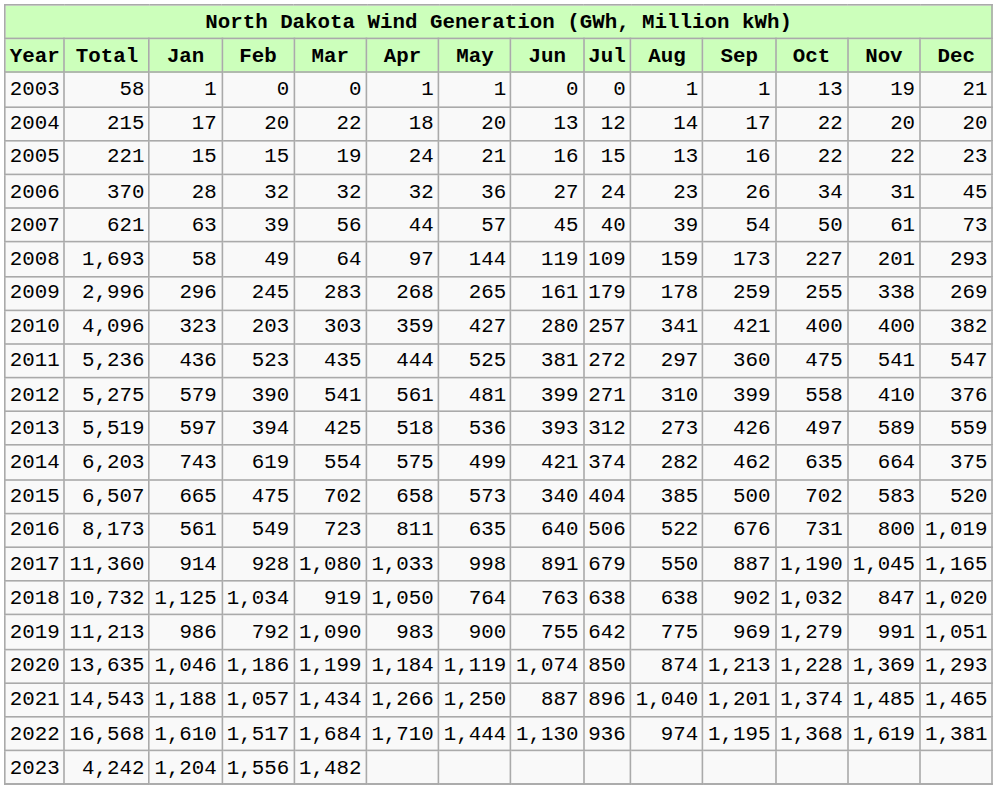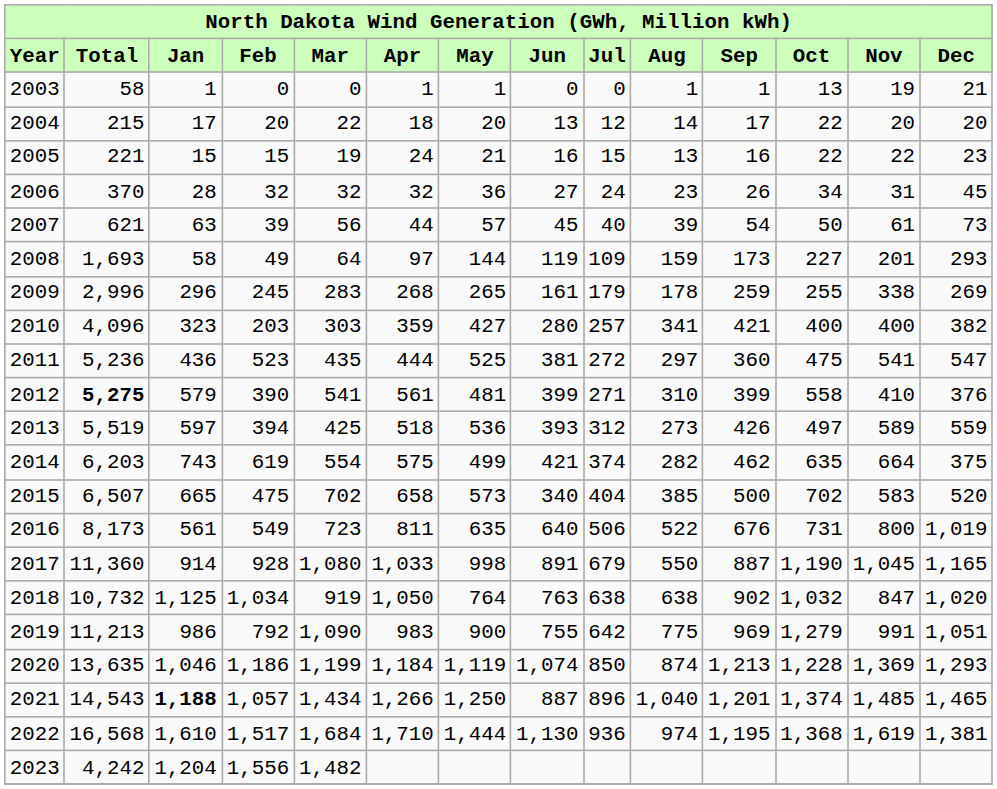 <table class="wikitable" style="text-align:right;">
 <tr>
 <th colspan="14" style="background:#cfb;">North Dakota Wind Generation (GWh, Million kWh)</th>
 </tr>
 <tr>
 <th style="background:#cfb;">Year</th>
 <th style="background:#cfb;">Total</th>
 <th style="background:#cfb;">Jan</th>
 <th style="background:#cfb;">Feb</th>
 <th style="background:#cfb;">Mar</th>
 <th style="background:#cfb;">Apr</th>
 <th style="background:#cfb;">May</th>
 <th style="background:#cfb;">Jun</th>
 <th style="background:#cfb;">Jul</th>
 <th style="background:#cfb;">Aug</th>
 <th style="background:#cfb;">Sep</th>
 <th style="background:#cfb;">Oct</th>
 <th style="background:#cfb;">Nov</th>
 <th style="background:#cfb;">Dec</th>
 </tr>
 <tr>
 <td>2003</td>
 <td>58</td>
 <td>1</td>
 <td>0</td>
 <td>0</td>
 <td>1</td>
 <td>1</td>
 <td>0</td>
 <td>0</td>
 <td>1</td>
 <td>1</td>
 <td>13</td>
 <td>19</td>
 <td>21</td>
 </tr>
 <tr>
 <td>2004</td>
 <td>215</td>
 <td>17</td>
 <td>20</td>
 <td>22</td>
 <td>18</td>
 <td>20</td>
 <td>13</td>
 <td>12</td>
 <td>14</td>
 <td>17</td>
 <td>22</td>
 <td>20</td>
 <td>20</td>
 </tr>
 <tr>
 <td>2005</td>
 <td>221</td>
 <td>15</td>
 <td>15</td>
 <td>19</td>
 <td>24</td>
 <td>21</td>
 <td>16</td>
 <td>15</td>
 <td>13</td>
 <td>16</td>
 <td>22</td>
 <td>22</td>
 <td>23</td>
 </tr>
 <tr>
 <td>2006</td>
 <td>370</td>
 <td>28</td>
 <td>32</td>
 <td>32</td>
 <td>32</td>
 <td>36</td>
 <td>27</td>
 <td>24</td>
 <td>23</td>
 <td>26</td>
 <td>34</td>
 <td>31</td>
 <td>45</td>
 </tr>
 <tr>
 <td>2007</td>
 <td>621</td>
 <td>63</td>
 <td>39</td>
 <td>56</td>
 <td>44</td>
 <td>57</td>
 <td>45</td>
 <td>40</td>
 <td>39</td>
 <td>54</td>
 <td>50</td>
 <td>61</td>
 <td>73</td>
 </tr>
 <tr>
 <td>2008</td>
 <td>1,693</td>
 <td>58</td>
 <td>49</td>
 <td>64</td>
 <td>97</td>
 <td>144</td>
 <td>119</td>
 <td>109</td>
 <td>159</td>
 <td>173</td>
 <td>227</td>
 <td>201</td>
 <td>293</td>
 </tr>
 <tr>
 <td>2009</td>
 <td>2,996</td>
 <td>296</td>
 <td>245</td>
 <td>283</td>
 <td>268</td>
 <td>265</td>
 <td>161</td>
 <td>179</td>
 <td>178</td>
 <td>259</td>
 <td>255</td>
 <td>338</td>
 <td>269</td>
 </tr>
 <tr>
 <td>2010</td>
 <td>4,096</td>
 <td>323</td>
 <td>203</td>
 <td>303</td>
 <td>359</td>
 <td>427</td>
 <td>280</td>
 <td>257</td>
 <td>341</td>
 <td>421</td>
 <td>400</td>
 <td>400</td>
 <td>382</td>
 </tr>
 <tr>
 <td>2011</td>
 <td>5,236</td>
 <td>436</td>
 <td>523</td>
 <td>435</td>
 <td>444</td>
 <td>525</td>
 <td>381</td>
 <td>272</td>
 <td>297</td>
 <td>360</td>
 <td>475</td>
 <td>541</td>
 <td>547</td>
 </tr>
 <tr>
 <td>2012</td>
-<td>5,275</td>
+<td><strong>5,275</strong></td>
 <td>579</td>
 <td>390</td>
 <td>541</td>
 <td>561</td>
 <td>481</td>
 <td>399</td>
 <td>271</td>
 <td>310</td>
 <td>399</td>
 <td>558</td>
 <td>410</td>
 <td>376</td>
 </tr>
 <tr>
 <td>2013</td>
 <td>5,519</td>
 <td>597</td>
 <td>394</td>
 <td>425</td>
 <td>518</td>
 <td>536</td>
 <td>393</td>
 <td>312</td>
 <td>273</td>
 <td>426</td>
 <td>497</td>
 <td>589</td>
 <td>559</td>
 </tr>
 <tr>
 <td>2014</td>
 <td>6,203</td>
 <td>743</td>
 <td>619</td>
 <td>554</td>
 <td>575</td>
 <td>499</td>
 <td>421</td>
 <td>374</td>
 <td>282</td>
 <td>462</td>
 <td>635</td>
 <td>664</td>
 <td>375</td>
 </tr>
 <tr>
 <td>2015</td>
 <td>6,507</td>
 <td>665</td>
 <td>475</td>
 <td>702</td>
 <td>658</td>
 <td>573</td>
 <td>340</td>
 <td>404</td>
 <td>385</td>
 <td>500</td>
 <td>702</td>
 <td>583</td>
 <td>520</td>
 </tr>
 <tr>
 <td>2016</td>
 <td>8,173</td>
 <td>561</td>
 <td>549</td>
 <td>723</td>
 <td>811</td>
 <td>635</td>
 <td>640</td>
 <td>506</td>
 <td>522</td>
 <td>676</td>
 <td>731</td>
 <td>800</td>
 <td>1,019</td>
 </tr>
 <tr>
 <td>2017</td>
 <td>11,360</td>
 <td>914</td>
 <td>928</td>
 <td>1,080</td>
 <td>1,033</td>
 <td>998</td>
 <td>891</td>
 <td>679</td>
 <td>550</td>
 <td>887</td>
 <td>1,190</td>
 <td>1,045</td>
 <td>1,165</td>
 </tr>
 <tr>
 <td>2018</td>
 <td>10,732</td>
 <td>1,125</td>
 <td>1,034</td>
 <td>919</td>
 <td>1,050</td>
 <td>764</td>
 <td>763</td>
 <td>638</td>
 <td>638</td>
 <td>902</td>
 <td>1,032</td>
 <td>847</td>
 <td>1,020</td>
 </tr>
 <tr>
 <td>2019</td>
 <td>11,213</td>
 <td>986</td>
 <td>792</td>
 <td>1,090</td>
 <td>983</td>
 <td>900</td>
 <td>755</td>
 <td>642</td>
 <td>775</td>
 <td>969</td>
 <td>1,279</td>
 <td>991</td>
 <td>1,051</td>
 </tr>
 <tr>
 <td>2020</td>
 <td>13,635</td>
 <td>1,046</td>
 <td>1,186</td>
 <td>1,199</td>
 <td>1,184</td>
 <td>1,119</td>
 <td>1,074</td>
 <td>850</td>
 <td>874</td>
 <td>1,213</td>
 <td>1,228</td>
 <td>1,369</td>
 <td>1,293</td>
 </tr>
 <tr>
 <td>2021</td>
 <td>14,543</td>
-<td>1,188</td>
+<td><strong>1,188</strong></td>
 <td>1,057</td>
 <td>1,434</td>
 <td>1,266</td>
 <td>1,250</td>
 <td>887</td>
 <td>896</td>
 <td>1,040</td>
 <td>1,201</td>
 <td>1,374</td>
 <td>1,485</td>
 <td>1,465</td>
 </tr>
 <tr>
 <td>2022</td>
 <td>16,568</td>
 <td>1,610</td>
 <td>1,517</td>
 <td>1,684</td>
 <td>1,710</td>
 <td>1,444</td>
 <td>1,130</td>
 <td>936</td>
 <td>974</td>
 <td>1,195</td>
 <td>1,368</td>
 <td>1,619</td>
 <td>1,381</td>
 </tr>
 <tr>
 <td>2023</td>
 <td>4,242</td>
 <td>1,204</td>
 <td>1,556</td>
 <td>1,482</td>
 <td></td>
 <td></td>
 <td></td>
 <td></td>
 <td></td>
 <td></td>
 <td></td>
 <td></td>
 <td></td>
 </tr>
 <tr>
 </tr>
 </table>
